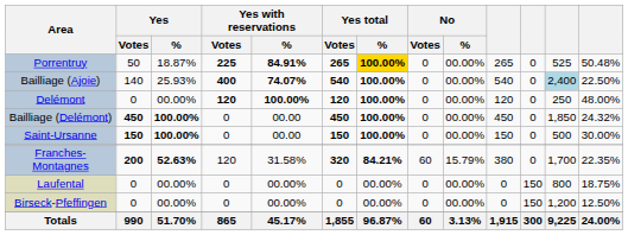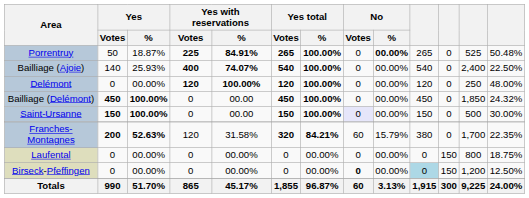 <table class="wikitable sortable">
 <tr>
 <th rowspan="2">Area</th>
 <th colspan="2">Yes</th>
 <th colspan="2">Yes with reservations</th>
 <th colspan="2">Yes total</th>
 <th colspan="2">No</th>
 <th rowspan="2"></th>
 <th rowspan="2"></th>
 <th rowspan="2"></th>
 <th rowspan="2"></th>
 </tr>
 <tr>
 <th>Votes</th>
 <th>%</th>
 <th>Votes</th>
 <th>%</th>
 <th>Votes</th>
 <th>%</th>
 <th>Votes</th>
 <th>%</th>
 </tr>
 <tr>
 <td style="text-align:center; background:#B6C8D9;"><a href='#'>Porrentruy</a></td>
 <td align="center">50</td>
 <td align="center">18.87%</td>
 <td align="center"><strong>225</strong></td>
 <td align="center"><strong>84.91%</strong></td>
 <td align="center"><strong>265</strong></td>
-<td align="center" style="background: gold;"><strong>100.00%</strong></td>
+<td align="center"><strong>100.00%</strong></td>
 <td align="center">0</td>
-<td align="center">00.00%</td>
+<td align="center"><strong>00.00%</strong></td>
 <td align="center">265</td>
 <td align="center">0</td>
 <td align="center">525</td>
 <td align="center">50.48%</td>
 </tr>
 <tr>
 <td style="text-align:center; background:#B6C8D9;">Bailliage (<a href='#'>Ajoie</a>)</td>
 <td align="center">140</td>
 <td align="center">25.93%</td>
 <td align="center"><strong>400</strong></td>
 <td align="center"><strong>74.07%</strong></td>
 <td align="center"><strong>540</strong></td>
 <td align="center"><strong>100.00%</strong></td>
 <td align="center">0</td>
 <td align="center">00.00%</td>
 <td align="center">540</td>
 <td align="center">0</td>
-<td align="center" style="background: lightblue;">2,400</td>
+<td align="center">2,400</td>
 <td align="center">22.50%</td>
 </tr>
 <tr>
 <td style="text-align:center; background:#B6C8D9;"><a href='#'>Delémont</a></td>
 <td align="center">0</td>
 <td align="center">00.00%</td>
 <td align="center"><strong>120</strong></td>
 <td align="center"><strong>100.00%</strong></td>
 <td align="center"><strong>120</strong></td>
 <td align="center"><strong>100.00%</strong></td>
 <td align="center">0</td>
 <td align="center">00.00%</td>
 <td align="center">120</td>
 <td align="center">0</td>
 <td align="center">250</td>
 <td align="center">48.00%</td>
 </tr>
 <tr>
 <td style="text-align:center; background:#B6C8D9;">Bailliage (<a href='#'>Delémont</a>)</td>
 <td align="center"><strong>450</strong></td>
 <td align="center"><strong>100.00%</strong></td>
 <td align="center">0</td>
 <td align="center">00.00</td>
 <td align="center"><strong>450</strong></td>
 <td align="center"><strong>100.00%</strong></td>
 <td align="center">0</td>
 <td align="center">00.00%</td>
 <td align="center">450</td>
 <td align="center">0</td>
 <td align="center">1,850</td>
 <td align="center">24.32%</td>
 </tr>
 <tr>
 <td style="text-align:center; background:#B6C8D9;"><a href='#'>Saint-Ursanne</a></td>
 <td align="center"><strong>150</strong></td>
 <td align="center"><strong>100.00%</strong></td>
 <td align="center">0</td>
 <td align="center">00.00</td>
 <td align="center"><strong>150</strong></td>
 <td align="center"><strong>100.00%</strong></td>
-<td align="center">0</td>
+<td align="center" style="background: lavender;">0</td>
 <td align="center">00.00%</td>
 <td align="center">150</td>
 <td align="center">0</td>
 <td align="center">500</td>
 <td align="center">30.00%</td>
 </tr>
 <tr>
 </tr>
 <tr>
 <td style="text-align:center; background:#B6C8D9;"><a href='#'>Franches-Montagnes</a></td>
 <td align="center"><strong>200</strong></td>
 <td align="center"><strong>52.63%</strong></td>
 <td align="center">120</td>
 <td align="center">31.58%</td>
 <td align="center"><strong>320</strong></td>
 <td align="center"><strong>84.21%</strong></td>
 <td align="center">60</td>
 <td align="center">15.79%</td>
 <td align="center">380</td>
 <td align="center">0</td>
 <td align="center">1,700</td>
 <td align="center">22.35%</td>
 </tr>
 <tr>
 <td style="text-align:center; background:#DEDEBD;"><a href='#'>Laufental</a></td>
 <td align="center">0</td>
 <td align="center">00.00%</td>
 <td align="center">0</td>
 <td align="center">00.00%</td>
 <td align="center">0</td>
 <td align="center">00.00%</td>
 <td align="center">0</td>
 <td align="center">00.00%</td>
 <td align="center">0</td>
 <td align="center">150</td>
 <td align="center">800</td>
 <td align="center">18.75%</td>
 </tr>
 <tr>
 <td style="text-align:center; background:#DEDEBD;"><a href='#'>Birseck</a>-<a href='#'>Pfeffingen</a></td>
 <td align="center">0</td>
 <td align="center">00.00%</td>
 <td align="center">0</td>
 <td align="center">00.00%</td>
 <td align="center">0</td>
 <td align="center">00.00%</td>
-<td align="center">0</td>
+<td align="center"><strong>0</strong></td>
 <td align="center">00.00%</td>
-<td align="center">0</td>
+<td align="center" style="background: lightblue;">0</td>
 <td align="center">150</td>
 <td align="center">1,200</td>
 <td align="center">12.50%</td>
 </tr>
 <tr>
 </tr>
 <tr>
 <th>Totals</th>
 <th>990</th>
 <th>51.70%</th>
 <th>865</th>
 <th>45.17%</th>
 <th>1,855</th>
 <th>96.87%</th>
 <th>60</th>
 <th>3.13%</th>
 <th>1,915</th>
 <th>300</th>
 <th>9,225</th>
 <th>24.00%</th>
 </tr>
 </table>
